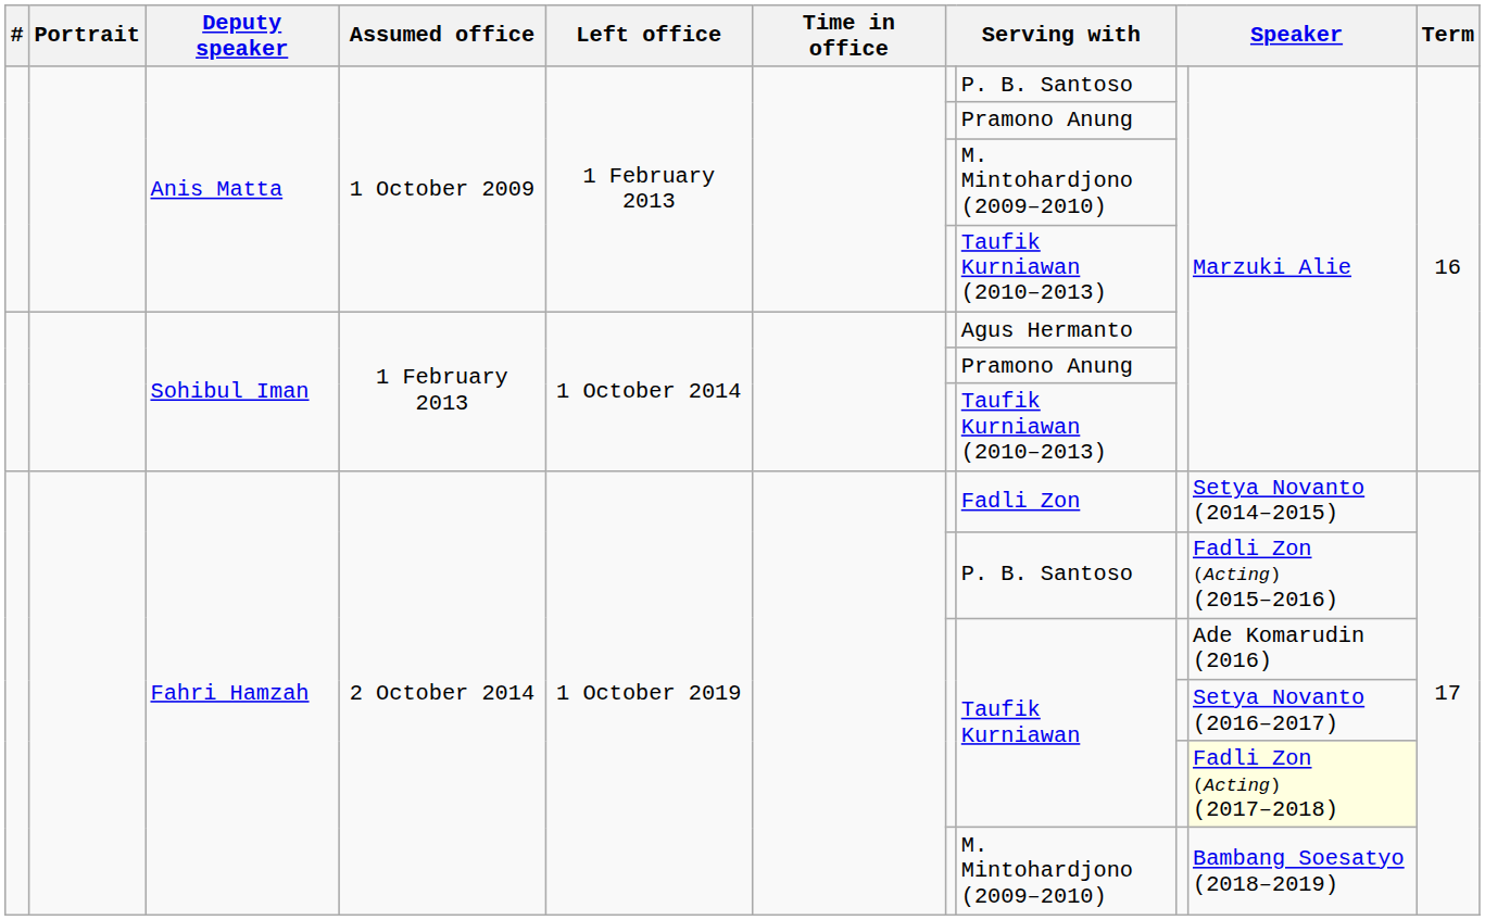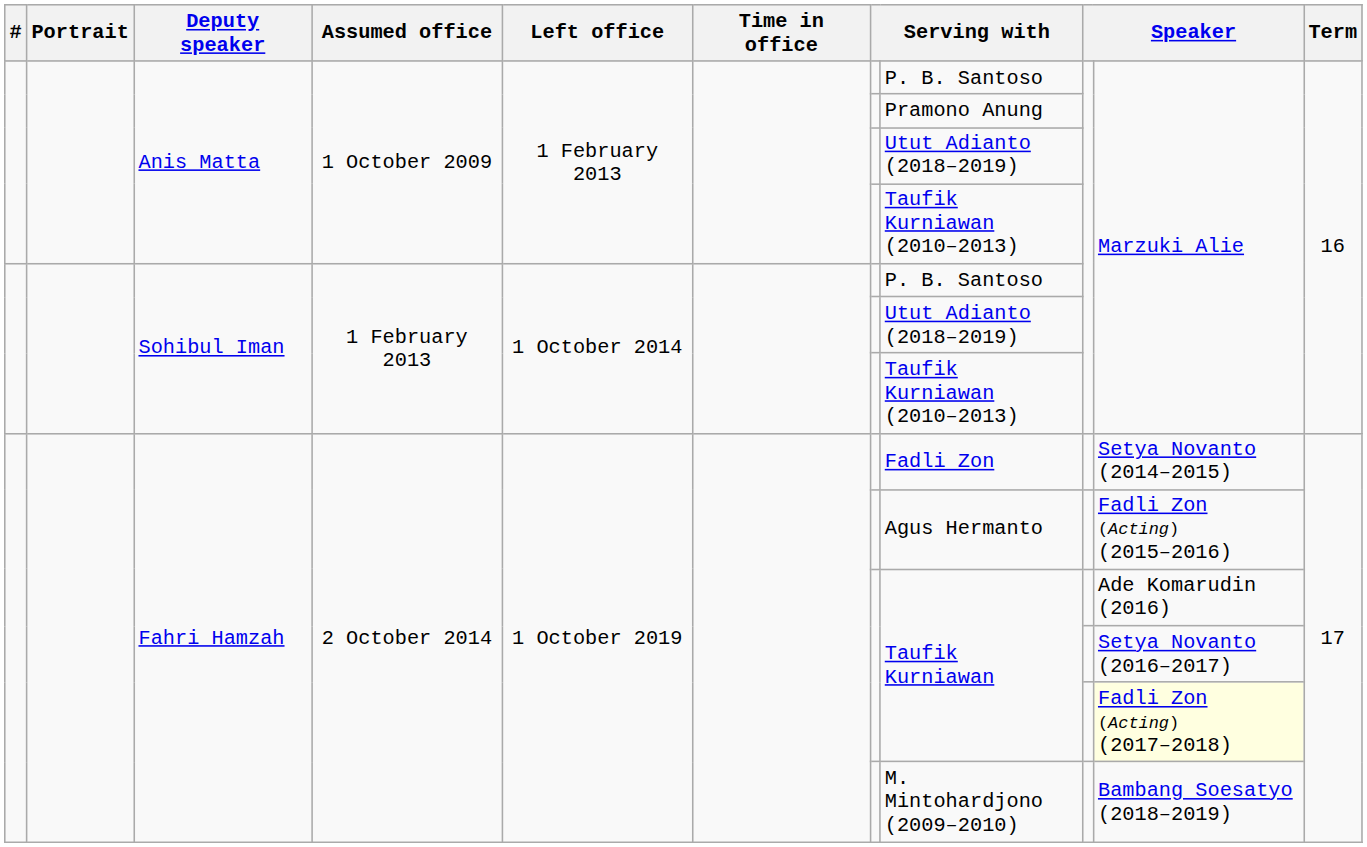 <table class="wikitable">
 <tr>
 <th>#</th>
 <th>Portrait</th>
 <th><a href='#'>Deputy speaker</a></th>
 <th>Assumed office</th>
 <th>Left office</th>
 <th>Time in office</th>
 <th colspan="2">Serving with</th>
 <th colspan="2"><a href='#'>Speaker</a></th>
 <th>Term</th>
 </tr>
 <tr>
 <td rowspan="4" ; style="text-align:center;background:"></td>
 <td rowspan="4"></td>
 <td rowspan="4"><a href='#'>Anis Matta</a></td>
 <td rowspan="4"; style="text-align:center;">1 October 2009</td>
 <td rowspan="4"; style="text-align:center;">1 February 2013</td>
 <td rowspan="4"; style="text-align:center;"></td>
 <td style="background:"></td>
 <td>P. B. Santoso</td>
 <td rowspan="7" ; style="background:"></td>
 <td rowspan="7"><a href='#'>Marzuki Alie</a></td>
 <td rowspan="7"; style="text-align:center;">16</td>
 </tr>
 <tr>
 <td style="background:"></td>
 <td>Pramono Anung</td>
 </tr>
 <tr>
 <td style="background:"></td>
-<td>M. Mintohardjono<br>(2009–2010)</td>
+<td><a href='#'>Utut Adianto</a><br>(2018–2019)</td>
 </tr>
 <tr>
 <td style="background:"></td>
 <td><a href='#'>Taufik Kurniawan</a><br>(2010–2013)</td>
 </tr>
 <tr>
 <td rowspan="3" ; style="text-align:center;background:"></td>
 <td rowspan="3"></td>
 <td rowspan="3"><a href='#'>Sohibul Iman</a></td>
 <td rowspan="3"; style="text-align:center;">1 February 2013</td>
 <td rowspan="3"; style="text-align:center;">1 October 2014</td>
 <td rowspan="3"; style="text-align:center;"></td>
 <td style="background:"></td>
-<td>Agus Hermanto</td>
+<td>P. B. Santoso</td>
 </tr>
 <tr>
 <td style="background:"></td>
-<td>Pramono Anung</td>
+<td><a href='#'>Utut Adianto</a><br>(2018–2019)</td>
 </tr>
 <tr>
 <td style="background:"></td>
 <td><a href='#'>Taufik Kurniawan</a><br>(2010–2013)</td>
 </tr>
 <tr>
 <td rowspan="6" ; style="text-align:center;background:"></td>
 <td rowspan="6"></td>
 <td rowspan="6"><a href='#'>Fahri Hamzah</a></td>
 <td rowspan="6"; style="text-align:center;">2 October 2014</td>
 <td rowspan="6"; style="text-align:center;">1 October 2019</td>
 <td rowspan="6"; style="text-align:center;"></td>
 <td style="background:"></td>
 <td><a href='#'>Fadli Zon</a></td>
 <td style="background:"></td>
 <td><a href='#'>Setya Novanto</a><br>(2014–2015)</td>
 <td rowspan="6"; style="text-align:center;">17</td>
 </tr>
 <tr>
 <td style="background:"></td>
-<td>P. B. Santoso</td>
+<td>Agus Hermanto</td>
 <td style="background:"></td>
 <td><a href='#'>Fadli Zon</a> <small>(<em>Acting</em>)</small><br>(2015–2016)</td>
 </tr>
 <tr>
 <td rowspan="3" ; style="background:"></td>
 <td rowspan="3"><a href='#'>Taufik Kurniawan</a></td>
 <td style="background:"></td>
 <td>Ade Komarudin<br>(2016)</td>
 </tr>
 <tr>
 <td style="background:"></td>
 <td><a href='#'>Setya Novanto</a><br>(2016–2017)</td>
 </tr>
 <tr>
 <td style="background:"></td>
 <td style="background: lightyellow;"><a href='#'>Fadli Zon</a> <small>(<em>Acting</em>)</small><br>(2017–2018)</td>
 </tr>
 <tr>
 <td style="background:"></td>
 <td>M. Mintohardjono<br>(2009–2010)</td>
 <td style="background:"></td>
 <td><a href='#'>Bambang Soesatyo</a><br>(2018–2019)</td>
 </tr>
 <tr>
 </tr>
 </table>
